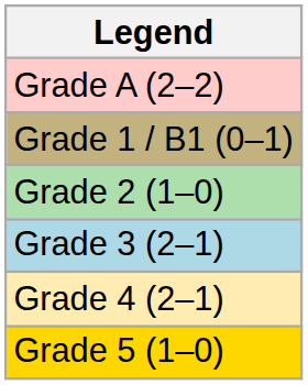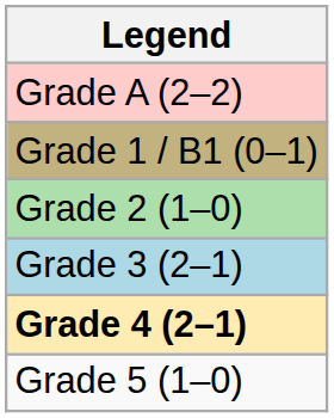 <table class="wikitable" style="font-size:85%;">
 <tr>
 <th>Legend</th>
 </tr>
 <tr bgcolor="ffcccc">
 <td>Grade A (2–2)</td>
 </tr>
 <tr bgcolor="C2B280">
 <td>Grade 1 / B1 (0–1)</td>
 </tr>
 <tr bgcolor="ADDFAD">
 <td>Grade 2 (1–0)</td>
 </tr>
 <tr bgcolor="lightblue">
 <td>Grade 3 (2–1)</td>
 </tr>
 <tr bgcolor="ffecb2">
-<td>Grade 4 (2–1)</td>
+<td><strong>Grade 4 (2–1)</strong></td>
 </tr>
 <tr>
-<td style="background: gold;">Grade 5 (1–0)</td>
+<td>Grade 5 (1–0)</td>
 </tr>
 </table>
